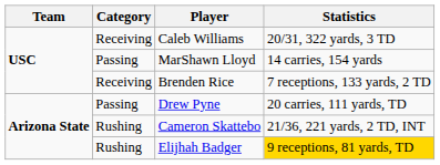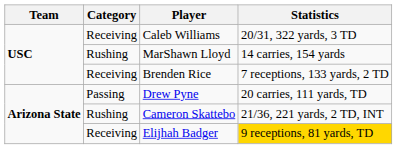 <table class="wikitable" style="float: right;">
 <tr>
 <th>Team</th>
 <th>Category</th>
 <th>Player</th>
 <th>Statistics</th>
 </tr>
 <tr>
 <td rowspan=3><strong>USC</strong></td>
 <td>Receiving</td>
 <td>Caleb Williams</td>
 <td>20/31, 322 yards, 3 TD</td>
 </tr>
 <tr>
-<td>Passing</td>
+<td>Rushing</td>
 <td>MarShawn Lloyd</td>
 <td>14 carries, 154 yards</td>
 </tr>
 <tr>
 <td>Receiving</td>
 <td>Brenden Rice</td>
 <td>7 receptions, 133 yards, 2 TD</td>
 </tr>
 <tr>
 <td rowspan=3><strong>Arizona State</strong></td>
 <td>Passing</td>
 <td><a href='#'>Drew Pyne</a></td>
 <td>20 carries, 111 yards, TD</td>
 </tr>
 <tr>
 <td>Rushing</td>
 <td><a href='#'>Cameron Skattebo</a></td>
 <td>21/36, 221 yards, 2 TD, INT</td>
 </tr>
 <tr>
-<td>Rushing</td>
+<td>Receiving</td>
 <td><a href='#'>Elijhah Badger</a></td>
 <td style="background: gold;">9 receptions, 81 yards, TD</td>
 </tr>
 </table>
